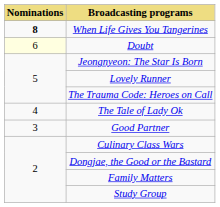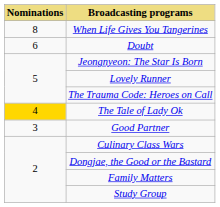 <table class="wikitable" style="text-align:center">
 <tr>
 <th style="background:#EEDD82; text-align:center">Nominations</th>
 <th style="background:#EEDD82; text-align:center">Broadcasting programs</th>
 </tr>
 <tr>
-<td style="text-align:center"><strong>8</strong></td>
+<td style="text-align:center">8</td>
 <td><em><a href='#'>When Life Gives You Tangerines</a></em></td>
 </tr>
 <tr>
-<td style="background: lightyellow; text-align:center">6</td>
+<td style="text-align:center">6</td>
 <td><em><a href='#'>Doubt</a></em></td>
 </tr>
 <tr>
 <td rowspan="3" style="text-align:center">5</td>
 <td><em><a href='#'>Jeongnyeon: The Star Is Born</a></em></td>
 </tr>
 <tr>
 <td><em><a href='#'>Lovely Runner</a></em></td>
 </tr>
 <tr>
 <td><em><a href='#'>The Trauma Code: Heroes on Call</a></em></td>
 </tr>
 <tr>
-<td style="text-align:center">4</td>
+<td style="background: gold; text-align:center">4</td>
 <td><em><a href='#'>The Tale of Lady Ok</a></em></td>
 </tr>
 <tr>
 <td style="text-align:center">3</td>
 <td><em><a href='#'>Good Partner</a></em></td>
 </tr>
 <tr>
 <td rowspan="4" style="text-align:center">2</td>
 <td><em><a href='#'>Culinary Class Wars</a></em></td>
 </tr>
 <tr>
 <td><em><a href='#'>Dongjae, the Good or the Bastard</a></em></td>
 </tr>
 <tr>
 <td><em><a href='#'>Family Matters</a></em></td>
 </tr>
 <tr>
 <td><em><a href='#'>Study Group</a></em></td>
 </tr>
 </table>
